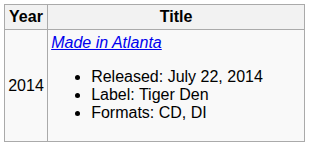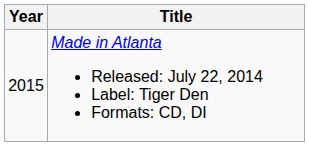 <table class="wikitable">
 <tr>
 <th>Year</th>
 <th width="250">Title</th>
 </tr>
 <tr>
-<td>2014</td>
+<td>2015</td>
 <td><em><a href='#'>Made in Atlanta</a></em><br><ul><li>Released: July 22, 2014</li><li>Label: Tiger Den</li><li>Formats: CD, DI</li></ul></td>
 </tr>
 </table>
